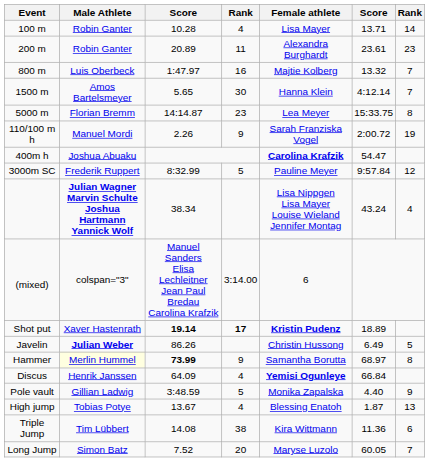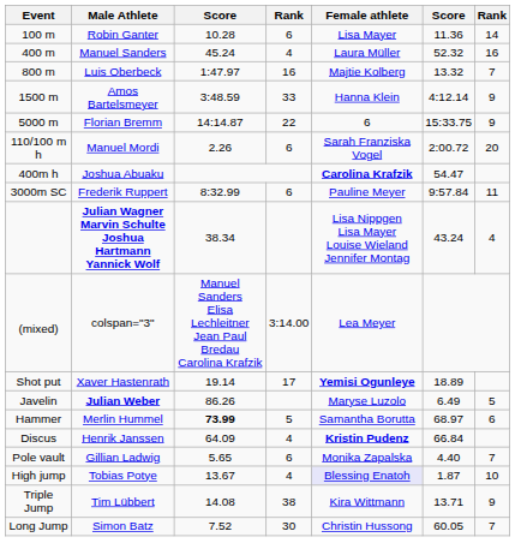 <table class="wikitable" style="text-align:left; font-size:90%">
 <tr>
 <th>Event</th>
 <th>Male Athlete</th>
 <th>Score</th>
 <th>Rank</th>
 <th>Female athlete</th>
 <th>Score</th>
 <th>Rank</th>
 </tr>
 <tr align=center>
 <td>100 m</td>
 <td><a href='#'>Robin Ganter</a></td>
 <td>10.28</td>
-<td>4</td>
+<td>6</td>
 <td><a href='#'>Lisa Mayer</a></td>
-<td>13.71</td>
+<td>11.36</td>
 <td>14</td>
 </tr>
 <tr align=center>
-<td>200 m</td>
-<td><a href='#'>Robin Ganter</a></td>
-<td>20.89</td>
-<td>11</td>
-<td><a href='#'>Alexandra Burghardt</a></td>
-<td>23.61</td>
-<td>23</td>
+<td>400 m</td>
+<td><a href='#'>Manuel Sanders</a></td>
+<td>45.24</td>
+<td>4</td>
+<td><a href='#'>Laura Müller</a></td>
+<td>52.32</td>
+<td>16</td>
 </tr>
 <tr align=center>
 <td>800 m</td>
 <td><a href='#'>Luis Oberbeck</a></td>
 <td>1:47.97</td>
 <td>16</td>
 <td><a href='#'>Majtie Kolberg</a></td>
 <td>13.32</td>
 <td>7</td>
 </tr>
 <tr align=center>
 <td>1500 m</td>
 <td><a href='#'>Amos Bartelsmeyer</a></td>
-<td>5.65</td>
-<td>30</td>
+<td>3:48.59</td>
+<td>33</td>
 <td><a href='#'>Hanna Klein</a></td>
 <td>4:12.14</td>
-<td>7</td>
+<td>9</td>
 </tr>
 <tr align=center>
 <td>5000 m</td>
 <td><a href='#'>Florian Bremm</a></td>
 <td>14:14.87</td>
-<td>23</td>
-<td><a href='#'>Lea Meyer</a></td>
+<td>22</td>
+<td>6</td>
 <td>15:33.75</td>
-<td>8</td>
+<td>9</td>
 </tr>
 <tr align=center>
 <td>110/100 m h</td>
 <td><a href='#'>Manuel Mordi</a></td>
 <td>2.26</td>
-<td>9</td>
+<td>6</td>
 <td><a href='#'>Sarah Franziska Vogel</a></td>
 <td>2:00.72</td>
-<td>19</td>
+<td>20</td>
 </tr>
 <tr align=center>
 <td>400m h</td>
 <td><a href='#'>Joshua Abuaku</a></td>
 <td colspan=2></td>
 <td><strong><a href='#'>Carolina Krafzik</a></strong></td>
 <td>54.47</td>
 <td></td>
 </tr>
 <tr align=center>
 <td>3000m SC</td>
 <td><a href='#'>Frederik Ruppert</a></td>
 <td>8:32.99</td>
-<td>5</td>
+<td>6</td>
 <td><a href='#'>Pauline Meyer</a></td>
 <td>9:57.84</td>
-<td>12</td>
+<td>11</td>
 </tr>
 <tr align=center>
 <td></td>
 <td><strong><a href='#'>Julian Wagner</a><br><a href='#'>Marvin Schulte</a><br><a href='#'>Joshua Hartmann</a><br><a href='#'>Yannick Wolf</a></strong></td>
 <td>38.34</td>
 <td></td>
 <td><a href='#'>Lisa Nippgen</a><br><a href='#'>Lisa Mayer</a><br><a href='#'>Louise Wieland</a><br><a href='#'>Jennifer Montag</a></td>
 <td>43.24</td>
 <td>4</td>
 </tr>
 <tr align=center>
 <td><br>(mixed)</td>
 <td>colspan="3" </td>
 <td><a href='#'>Manuel Sanders</a><br><a href='#'>Elisa Lechleitner</a><br><a href='#'>Jean Paul Bredau</a><br><a href='#'>Carolina Krafzik</a></td>
 <td>3:14.00</td>
-<td>6</td>
+<td><a href='#'>Lea Meyer</a></td>
 </tr>
 <tr align=center>
 <td>Shot put</td>
 <td><a href='#'>Xaver Hastenrath</a></td>
-<td><strong>19.14</strong></td>
-<td><strong>17</strong></td>
-<td><strong><a href='#'>Kristin Pudenz</a></strong></td>
+<td>19.14</td>
+<td>17</td>
+<td><strong><a href='#'>Yemisi Ogunleye</a></strong></td>
 <td>18.89</td>
 <td></td>
 </tr>
 <tr align=center>
 <td>Javelin</td>
 <td><strong><a href='#'>Julian Weber</a></strong></td>
 <td>86.26</td>
 <td></td>
-<td><a href='#'>Christin Hussong</a></td>
+<td><a href='#'>Maryse Luzolo</a></td>
 <td>6.49</td>
 <td>5</td>
 </tr>
 <tr align=center>
 <td>Hammer</td>
-<td style="background: lightyellow;"><a href='#'>Merlin Hummel</a></td>
+<td><a href='#'>Merlin Hummel</a></td>
 <td><strong>73.99</strong></td>
-<td>9</td>
+<td>5</td>
 <td><a href='#'>Samantha Borutta</a></td>
 <td>68.97</td>
-<td>8</td>
+<td>6</td>
 </tr>
 <tr align=center>
 <td>Discus</td>
 <td><a href='#'>Henrik Janssen</a></td>
 <td>64.09</td>
 <td>4</td>
-<td><strong><a href='#'>Yemisi Ogunleye</a></strong></td>
+<td><strong><a href='#'>Kristin Pudenz</a></strong></td>
 <td>66.84 <strong></strong></td>
 <td></td>
 </tr>
 <tr align=center>
 <td>Pole vault</td>
 <td><a href='#'>Gillian Ladwig</a></td>
-<td>3:48.59</td>
-<td>5</td>
+<td>5.65</td>
+<td>6</td>
 <td><a href='#'>Monika Zapalska</a></td>
 <td>4.40</td>
-<td>9</td>
+<td>7</td>
 </tr>
 <tr align=center>
 <td>High jump</td>
 <td><a href='#'>Tobias Potye</a></td>
 <td>13.67</td>
 <td>4</td>
-<td><a href='#'>Blessing Enatoh</a></td>
+<td style="background: lavender;"><a href='#'>Blessing Enatoh</a></td>
 <td>1.87</td>
-<td>13</td>
+<td>10</td>
 </tr>
 <tr align=center>
 <td>Triple Jump</td>
 <td><a href='#'>Tim Lübbert</a></td>
 <td>14.08</td>
 <td>38</td>
 <td><a href='#'>Kira Wittmann</a></td>
-<td>11.36</td>
-<td>6</td>
+<td>13.71</td>
+<td>9</td>
 </tr>
 <tr align=center>
 <td>Long Jump</td>
 <td><a href='#'>Simon Batz</a></td>
 <td>7.52</td>
-<td>20</td>
-<td><a href='#'>Maryse Luzolo</a></td>
+<td>30</td>
+<td><a href='#'>Christin Hussong</a></td>
 <td>60.05</td>
 <td>7</td>
 </tr>
 </table>
